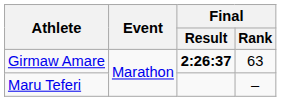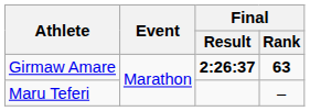 <table class="wikitable" style="font-size:90%">
 <tr>
 <th rowspan="2">Athlete</th>
 <th rowspan="2">Event</th>
 <th colspan="2">Final</th>
 </tr>
 <tr style="font-size:95%">
 <th>Result</th>
 <th>Rank</th>
 </tr>
 <tr style=text-align:center>
 <td style=text-align:left><a href='#'>Girmaw Amare</a></td>
 <td style=text-align:left rowspan=3><a href='#'>Marathon</a></td>
 <td><strong>2:26:37</strong></td>
-<td>63</td>
+<td><strong>63</strong></td>
 </tr>
 <tr style=text-align:center>
 <td style=text-align:left><a href='#'>Maru Teferi</a></td>
 <td></td>
 <td>–</td>
 </tr>
 </table>
